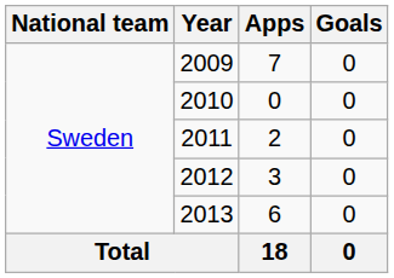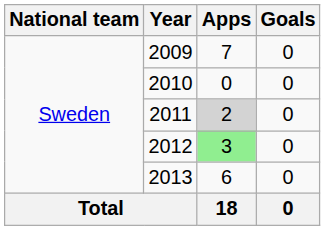 <table class="wikitable" style="text-align:center;">
 <tr>
 <th>National team</th>
 <th>Year</th>
 <th>Apps</th>
 <th>Goals</th>
 </tr>
 <tr>
 <td rowspan="5"><a href='#'>Sweden</a></td>
 <td>2009</td>
 <td>7</td>
 <td>0</td>
 </tr>
 <tr>
 <td>2010</td>
 <td>0</td>
 <td>0</td>
 </tr>
 <tr>
 <td>2011</td>
-<td>2</td>
+<td style="background: lightgrey;">2</td>
 <td>0</td>
 </tr>
 <tr>
 <td>2012</td>
-<td>3</td>
+<td style="background: lightgreen;">3</td>
 <td>0</td>
 </tr>
 <tr>
 <td>2013</td>
 <td>6</td>
 <td>0</td>
 </tr>
 <tr>
 <th colspan=2>Total</th>
 <th>18</th>
 <th>0</th>
 </tr>
 </table>
